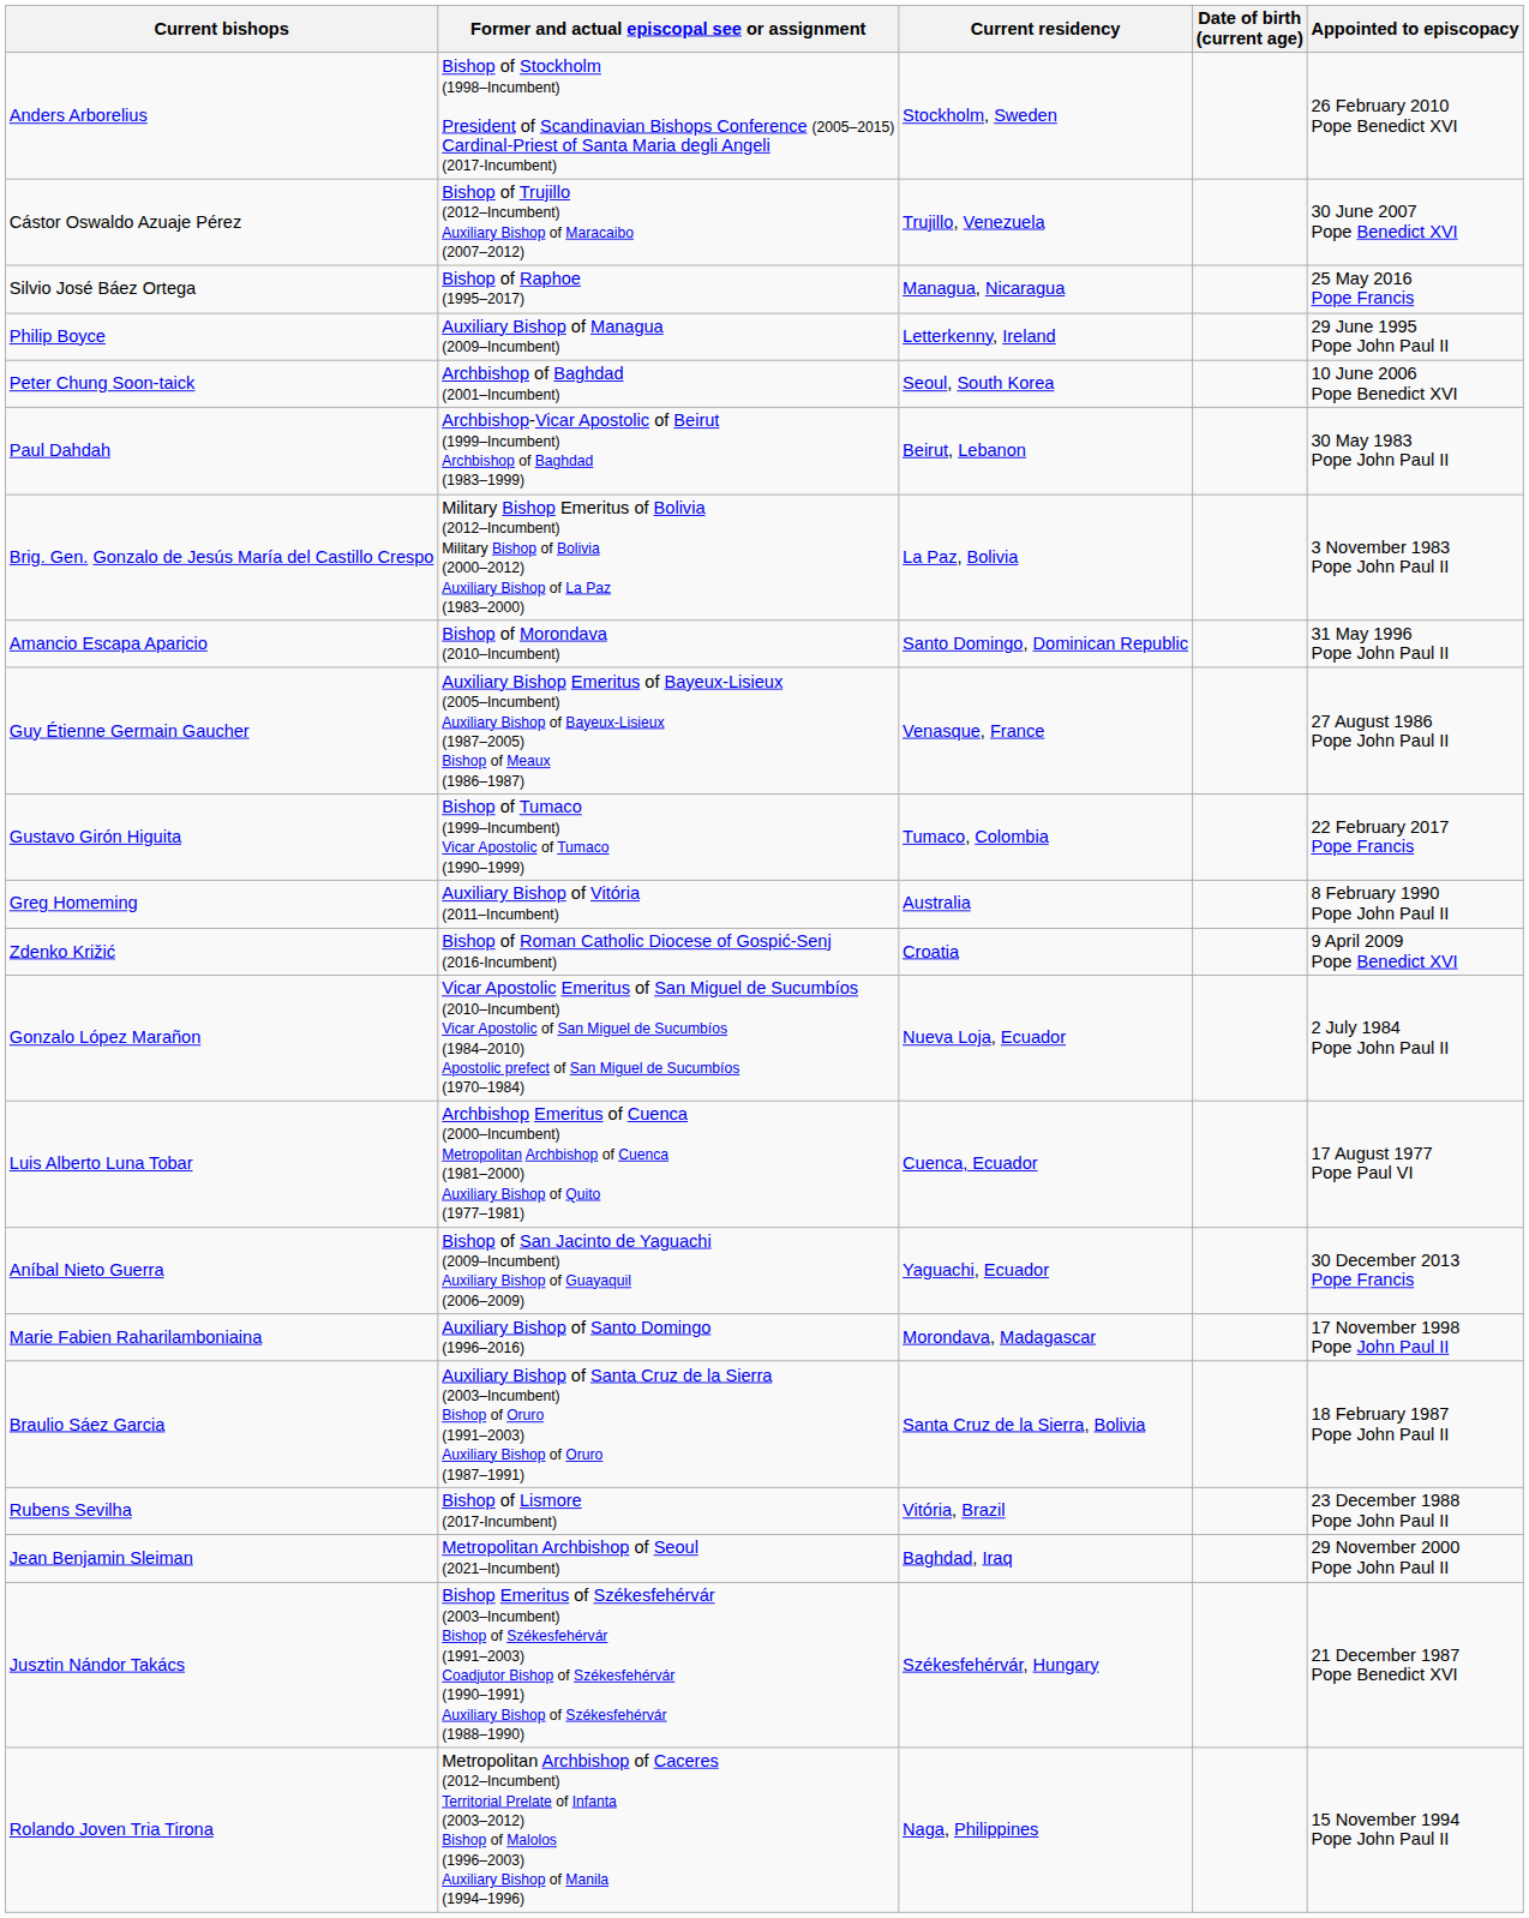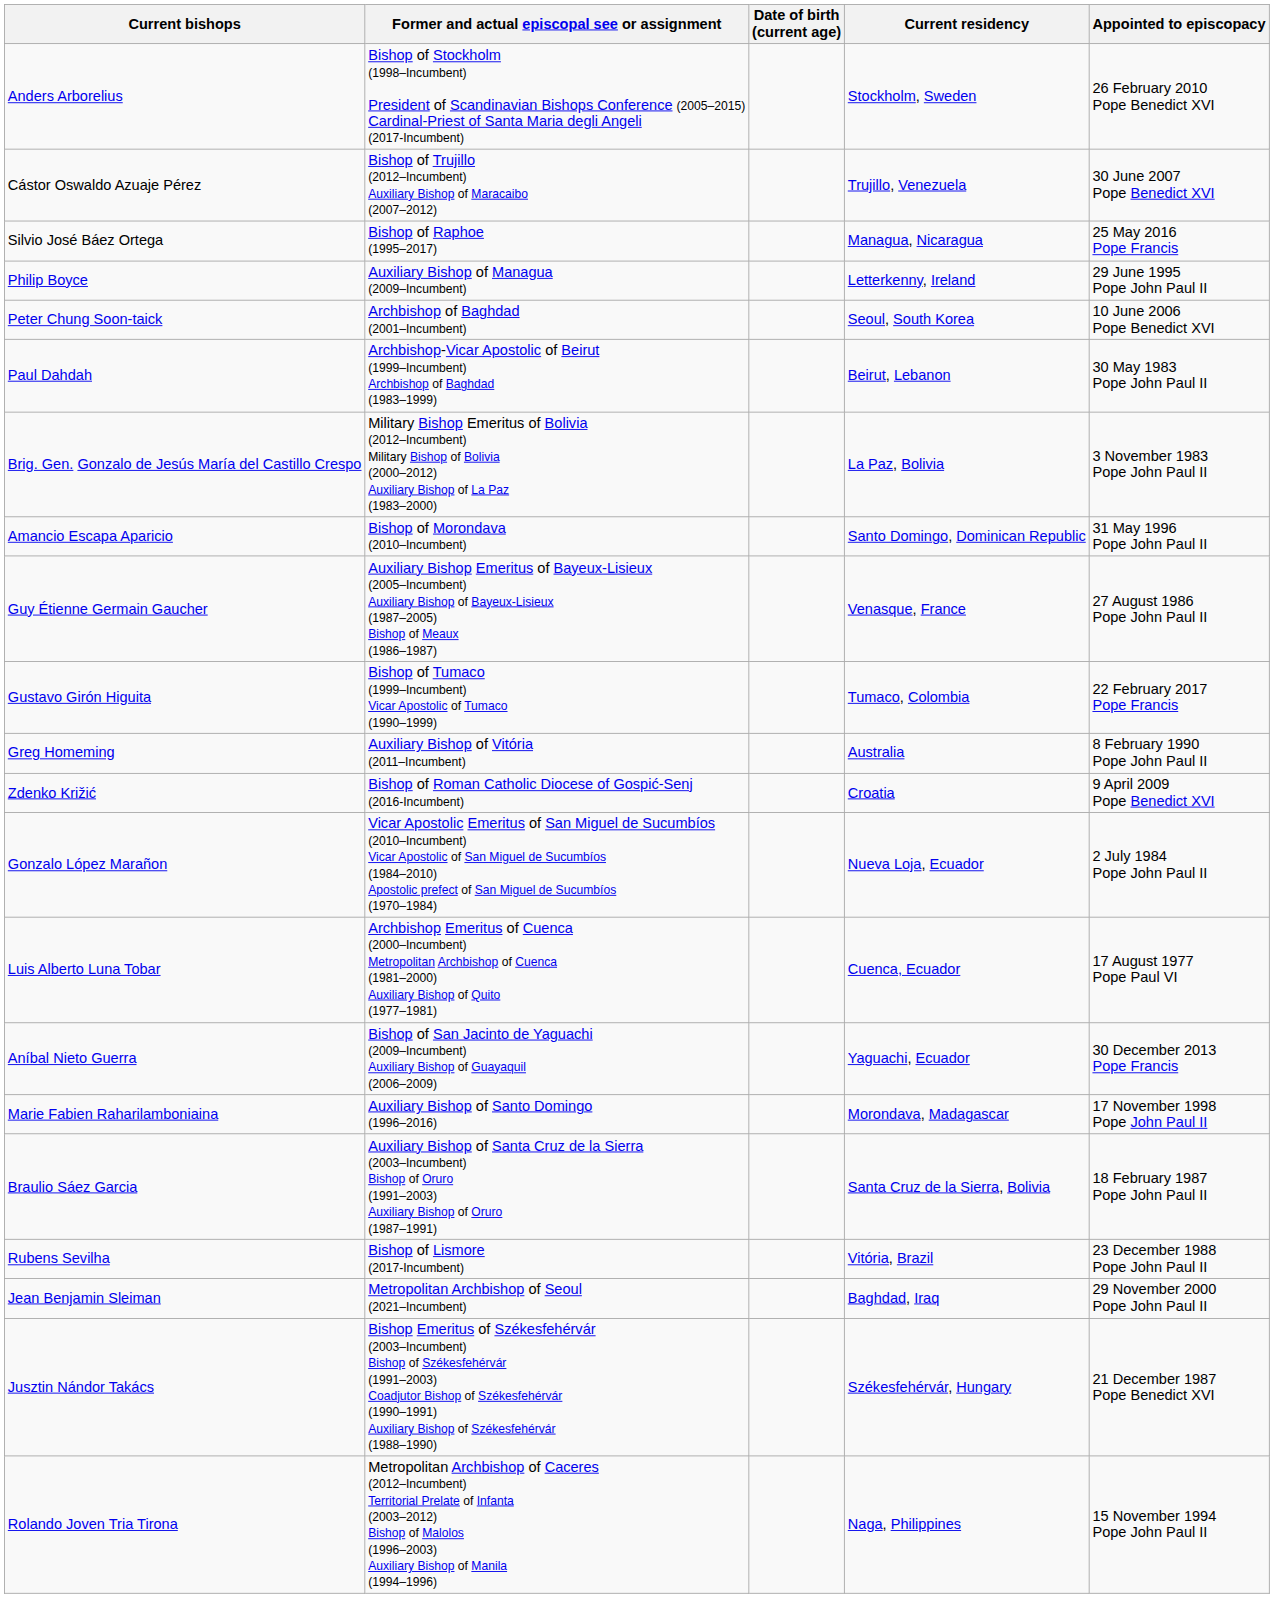 <table class="wikitable">
 <tr>
 <th> Current bishops </th>
 <th>Former and actual <a href='#'>episcopal see</a> or assignment</th>
+<th>Date of birth<br>(current age)</th>
 <th>Current residency</th>
-<th>Date of birth<br>(current age)</th>
 <th>Appointed to episcopacy</th>
 </tr>
 <tr>
 <td><a href='#'>Anders Arborelius</a></td>
 <td> <a href='#'>Bishop</a> of <a href='#'>Stockholm</a><br><small>(1998–Incumbent)</small><br><br>     <a href='#'>President</a> of <a href='#'>Scandinavian Bishops Conference</a> <small>(2005–2015)</small><br> <a href='#'>Cardinal-Priest of Santa Maria degli Angeli</a> <br><small>(2017-Incumbent)</small><br></td>
+<td></td>
 <td> <a href='#'>Stockholm</a>, <a href='#'>Sweden</a></td>
-<td></td>
 <td>26 February 2010<br>Pope Benedict XVI</td>
 </tr>
 <tr>
 <td>Cástor Oswaldo Azuaje Pérez</td>
 <td> <a href='#'>Bishop</a> of <a href='#'>Trujillo</a><br><small>(2012–Incumbent) </small><br> <small><a href='#'>Auxiliary Bishop</a> of <a href='#'>Maracaibo</a><br>(2007–2012) </small></td>
+<td></td>
 <td> <a href='#'>Trujillo</a>, <a href='#'>Venezuela</a></td>
-<td></td>
 <td>30 June 2007<br>Pope <a href='#'>Benedict XVI</a></td>
 </tr>
 <tr>
 <td>Silvio José Báez Ortega</td>
 <td> <a href='#'>Bishop</a> of <a href='#'>Raphoe</a><br><small>(1995–2017) </small></td>
+<td></td>
 <td> <a href='#'>Managua</a>, <a href='#'>Nicaragua</a></td>
-<td></td>
 <td>25 May 2016<br><a href='#'>Pope Francis</a></td>
 </tr>
 <tr>
 <td><a href='#'>Philip Boyce</a></td>
 <td> <a href='#'>Auxiliary Bishop</a> of <a href='#'>Managua</a><br><small>(2009–Incumbent) </small></td>
+<td></td>
 <td> <a href='#'>Letterkenny</a>, <a href='#'>Ireland</a></td>
-<td></td>
 <td>29 June 1995<br>Pope John Paul II</td>
 </tr>
 <tr>
 <td><a href='#'>Peter Chung Soon-taick</a></td>
 <td> <a href='#'>Archbishop</a> of <a href='#'>Baghdad</a><br><small>(2001–Incumbent) </small></td>
+<td></td>
 <td> <a href='#'>Seoul</a>, <a href='#'>South Korea</a></td>
-<td></td>
 <td>10 June 2006<br>Pope Benedict XVI</td>
 </tr>
 <tr>
 <td><a href='#'>Paul Dahdah</a></td>
 <td> <a href='#'>Archbishop</a>-<a href='#'>Vicar Apostolic</a> of <a href='#'>Beirut</a><br><small>(1999–Incumbent) </small><br><small> <a href='#'>Archbishop</a> of <a href='#'>Baghdad</a><br>(1983–1999)<br></small></td>
+<td></td>
 <td> <a href='#'>Beirut</a>, <a href='#'>Lebanon</a></td>
-<td></td>
 <td>30 May 1983<br>Pope John Paul II</td>
 </tr>
 <tr>
 <td><a href='#'>Brig. Gen.</a> <a href='#'>Gonzalo de Jesús María del Castillo Crespo</a></td>
 <td> Military <a href='#'>Bishop</a> Emeritus of <a href='#'>Bolivia</a><br><small>(2012–Incumbent) </small><br> <small>Military <a href='#'>Bishop</a> of <a href='#'>Bolivia</a><br>(2000–2012) </small><br>  <small><a href='#'>Auxiliary Bishop</a> of <a href='#'>La Paz</a><br>(1983–2000)</small></td>
+<td></td>
 <td> <a href='#'>La Paz</a>, <a href='#'>Bolivia</a></td>
-<td></td>
 <td>3 November 1983<br>Pope John Paul II</td>
 </tr>
 <tr>
 <td><a href='#'>Amancio Escapa Aparicio</a></td>
 <td> <a href='#'>Bishop</a> of <a href='#'>Morondava</a><br><small>(2010–Incumbent) </small></td>
+<td></td>
 <td> <a href='#'>Santo Domingo</a>, <a href='#'>Dominican Republic</a></td>
-<td></td>
 <td>31 May 1996<br>Pope John Paul II</td>
 </tr>
 <tr>
 <td><a href='#'>Guy Étienne Germain Gaucher</a></td>
 <td> <a href='#'>Auxiliary Bishop</a> <a href='#'>Emeritus</a> of <a href='#'>Bayeux-Lisieux</a><br><small>(2005–Incumbent) </small><br> <small><a href='#'>Auxiliary Bishop</a> of <a href='#'>Bayeux-Lisieux</a><br>(1987–2005)<br>  <a href='#'>Bishop</a> of <a href='#'>Meaux</a><br>(1986–1987)</small></td>
+<td></td>
 <td> <a href='#'>Venasque</a>, <a href='#'>France</a></td>
-<td></td>
 <td>27 August 1986<br>Pope John Paul II</td>
 </tr>
 <tr>
 <td><a href='#'>Gustavo Girón Higuita</a></td>
 <td> <a href='#'>Bishop</a> of <a href='#'>Tumaco</a><br><small>(1999–Incumbent) </small><br> <small><a href='#'>Vicar Apostolic</a> of <a href='#'>Tumaco</a><br>(1990–1999)</small></td>
+<td></td>
 <td> <a href='#'>Tumaco</a>, <a href='#'>Colombia</a></td>
-<td></td>
 <td>22 February 2017<br><a href='#'>Pope Francis</a></td>
 </tr>
 <tr>
 <td><a href='#'>Greg Homeming</a></td>
 <td> <a href='#'>Auxiliary Bishop</a> of <a href='#'>Vitória</a><br><small>(2011–Incumbent)</small></td>
+<td></td>
 <td> <a href='#'>Australia</a></td>
-<td></td>
 <td>8 February 1990<br>Pope John Paul II</td>
 </tr>
 <tr>
 <td><a href='#'>Zdenko Križić</a></td>
 <td> <a href='#'>Bishop</a> of <a href='#'>Roman Catholic Diocese of Gospić-Senj</a><br><small>(2016-Incumbent)</small></td>
+<td></td>
 <td> <a href='#'>Croatia</a></td>
-<td></td>
 <td>9 April 2009<br>Pope <a href='#'>Benedict XVI</a></td>
 </tr>
 <tr>
 <td><a href='#'>Gonzalo López Marañon</a></td>
 <td> <a href='#'>Vicar Apostolic</a> <a href='#'>Emeritus</a> of <a href='#'>San Miguel de Sucumbíos</a><br><small>(2010–Incumbent) </small><br> <small><a href='#'>Vicar Apostolic</a> of <a href='#'>San Miguel de Sucumbíos</a><br>(1984–2010) </small><br>  <small><a href='#'>Apostolic prefect</a> of <a href='#'>San Miguel de Sucumbíos</a><br>(1970–1984)</small></td>
+<td></td>
 <td> <a href='#'>Nueva Loja</a>, <a href='#'>Ecuador</a></td>
-<td></td>
 <td>2 July 1984<br>Pope John Paul II</td>
 </tr>
 <tr>
 <td><a href='#'>Luis Alberto Luna Tobar</a></td>
 <td> <a href='#'>Archbishop</a> <a href='#'>Emeritus</a> of <a href='#'>Cuenca</a><br><small>(2000–Incumbent) </small><br> <small><a href='#'>Metropolitan</a> <a href='#'>Archbishop</a> of <a href='#'>Cuenca</a><br>(1981–2000)<br>  <a href='#'>Auxiliary Bishop</a> of <a href='#'>Quito</a><br>(1977–1981)</small></td>
+<td></td>
 <td> <a href='#'>Cuenca, Ecuador</a></td>
-<td></td>
 <td>17 August 1977<br>Pope Paul VI</td>
 </tr>
 <tr>
 <td><a href='#'>Aníbal Nieto Guerra</a></td>
 <td> <a href='#'>Bishop</a> of <a href='#'>San Jacinto de Yaguachi</a><br><small>(2009–Incumbent) </small><br> <small><a href='#'>Auxiliary Bishop</a> of <a href='#'>Guayaquil</a><br>(2006–2009) </small></td>
+<td></td>
 <td> <a href='#'>Yaguachi</a>, <a href='#'>Ecuador</a></td>
-<td></td>
 <td>30 December 2013<br><a href='#'>Pope Francis</a></td>
 </tr>
 <tr>
 <td><a href='#'>Marie Fabien Raharilamboniaina</a></td>
 <td> <a href='#'>Auxiliary Bishop</a> of <a href='#'>Santo Domingo</a><br><small>(1996–2016) </small></td>
+<td></td>
 <td> <a href='#'>Morondava</a>, <a href='#'>Madagascar</a></td>
-<td></td>
 <td>17 November 1998<br>Pope <a href='#'>John Paul II</a></td>
 </tr>
 <tr>
 <td><a href='#'>Braulio Sáez Garcia</a></td>
 <td> <a href='#'>Auxiliary Bishop</a> of <a href='#'>Santa Cruz de la Sierra</a><br><small>(2003–Incumbent) </small><br> <small><a href='#'>Bishop</a> of <a href='#'>Oruro</a><br>(1991–2003)<br>  <a href='#'>Auxiliary Bishop</a> of <a href='#'>Oruro</a><br>(1987–1991)</small></td>
+<td></td>
 <td> <a href='#'>Santa Cruz de la Sierra</a>, <a href='#'>Bolivia</a></td>
-<td></td>
 <td>18 February 1987<br>Pope John Paul II</td>
 </tr>
 <tr>
 <td><a href='#'>Rubens Sevilha</a></td>
 <td> <a href='#'>Bishop</a> of <a href='#'>Lismore</a><br><small>(2017-Incumbent)</small></td>
+<td></td>
 <td> <a href='#'>Vitória</a>, <a href='#'>Brazil</a></td>
-<td></td>
 <td>23 December 1988<br>Pope John Paul II</td>
 </tr>
 <tr>
 <td><a href='#'>Jean Benjamin Sleiman</a></td>
 <td>  <a href='#'>Metropolitan Archbishop</a> of <a href='#'>Seoul</a><br><small>(2021–Incumbent) </small></td>
+<td></td>
 <td> <a href='#'>Baghdad</a>, <a href='#'>Iraq</a></td>
-<td></td>
 <td>29 November 2000<br>Pope John Paul II</td>
 </tr>
 <tr>
 <td><a href='#'>Jusztin Nándor Takács</a></td>
 <td> <a href='#'>Bishop</a> <a href='#'>Emeritus</a> of <a href='#'>Székesfehérvár</a><br><small>(2003–Incumbent) </small><br> <small><a href='#'>Bishop</a> of <a href='#'>Székesfehérvár</a><br>(1991–2003)<br>  <a href='#'>Coadjutor Bishop</a> of <a href='#'>Székesfehérvár</a><br>(1990–1991)<br>  <a href='#'>Auxiliary Bishop</a> of <a href='#'>Székesfehérvár</a><br>(1988–1990)</small></td>
+<td></td>
 <td> <a href='#'>Székesfehérvár</a>, <a href='#'>Hungary</a></td>
-<td></td>
 <td>21 December 1987<br>Pope Benedict XVI</td>
 </tr>
 <tr>
 <td><a href='#'>Rolando Joven Tria Tirona</a></td>
 <td> Metropolitan <a href='#'>Archbishop</a> of <a href='#'>Caceres</a><br><small>(2012–Incumbent)</small><br> <small><a href='#'>Territorial Prelate</a> of <a href='#'>Infanta</a><br>(2003–2012)</small><br> <small><a href='#'>Bishop</a> of <a href='#'>Malolos</a><br>(1996–2003)<br>  <a href='#'>Auxiliary Bishop</a> of <a href='#'>Manila</a><br>(1994–1996)</small></td>
+<td></td>
 <td> <a href='#'>Naga</a>, <a href='#'>Philippines</a></td>
-<td></td>
 <td>15 November 1994<br>Pope John Paul II</td>
 </tr>
 </table>
